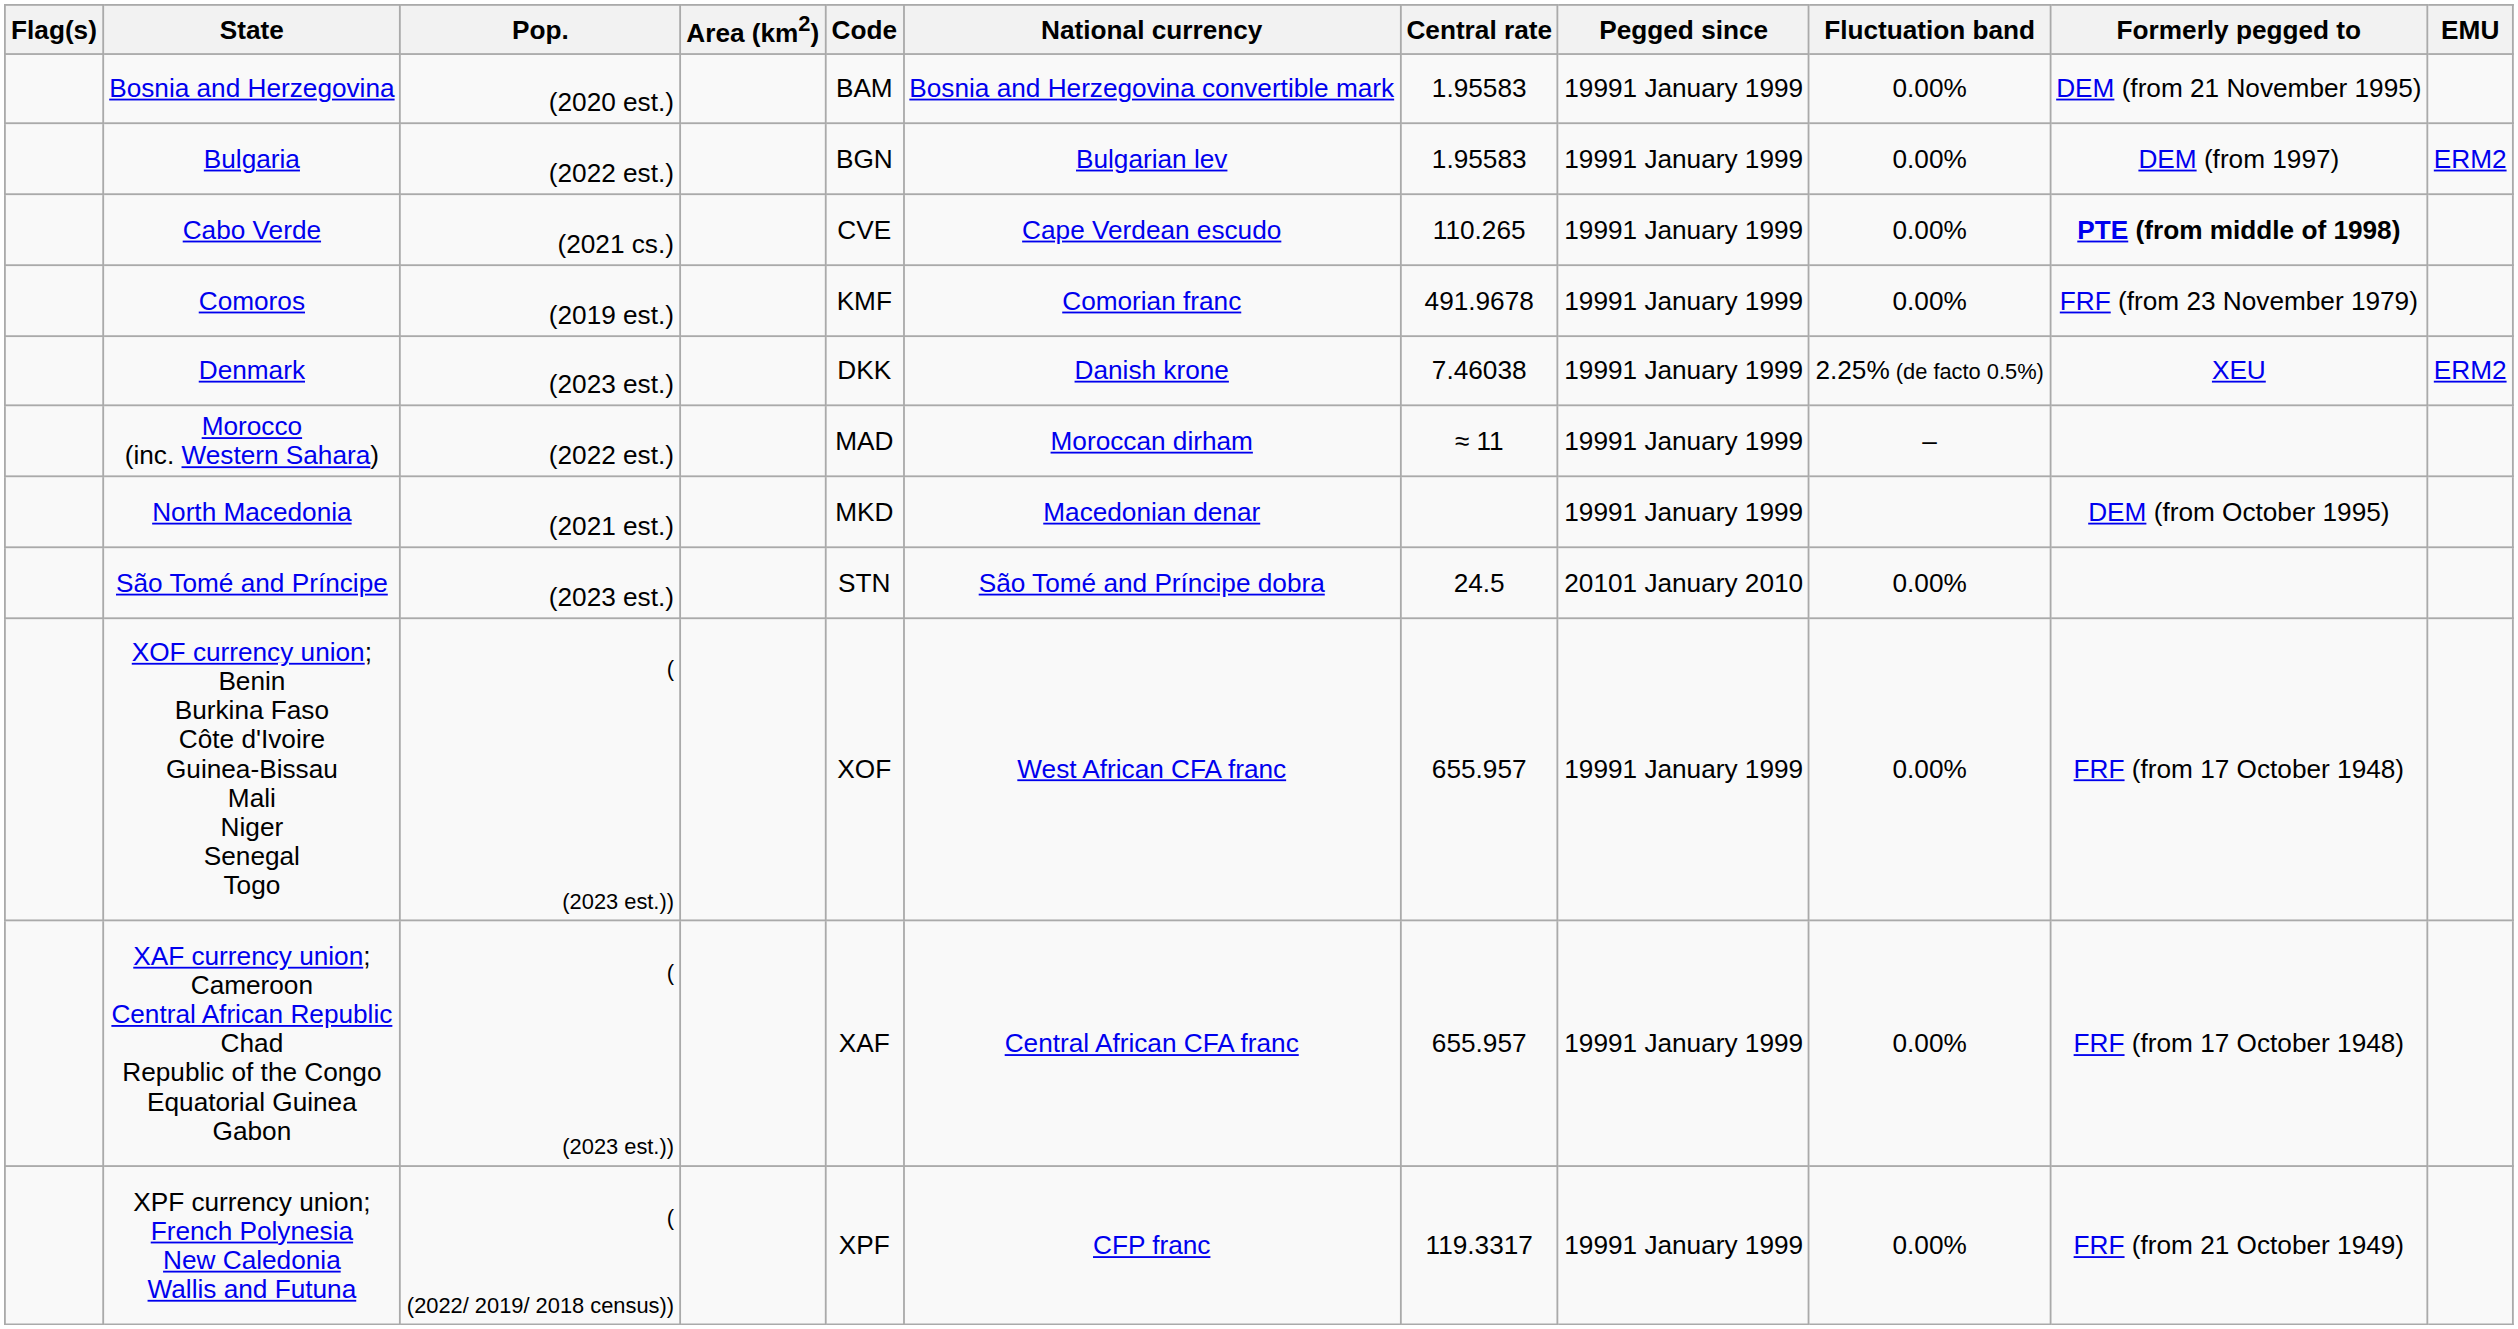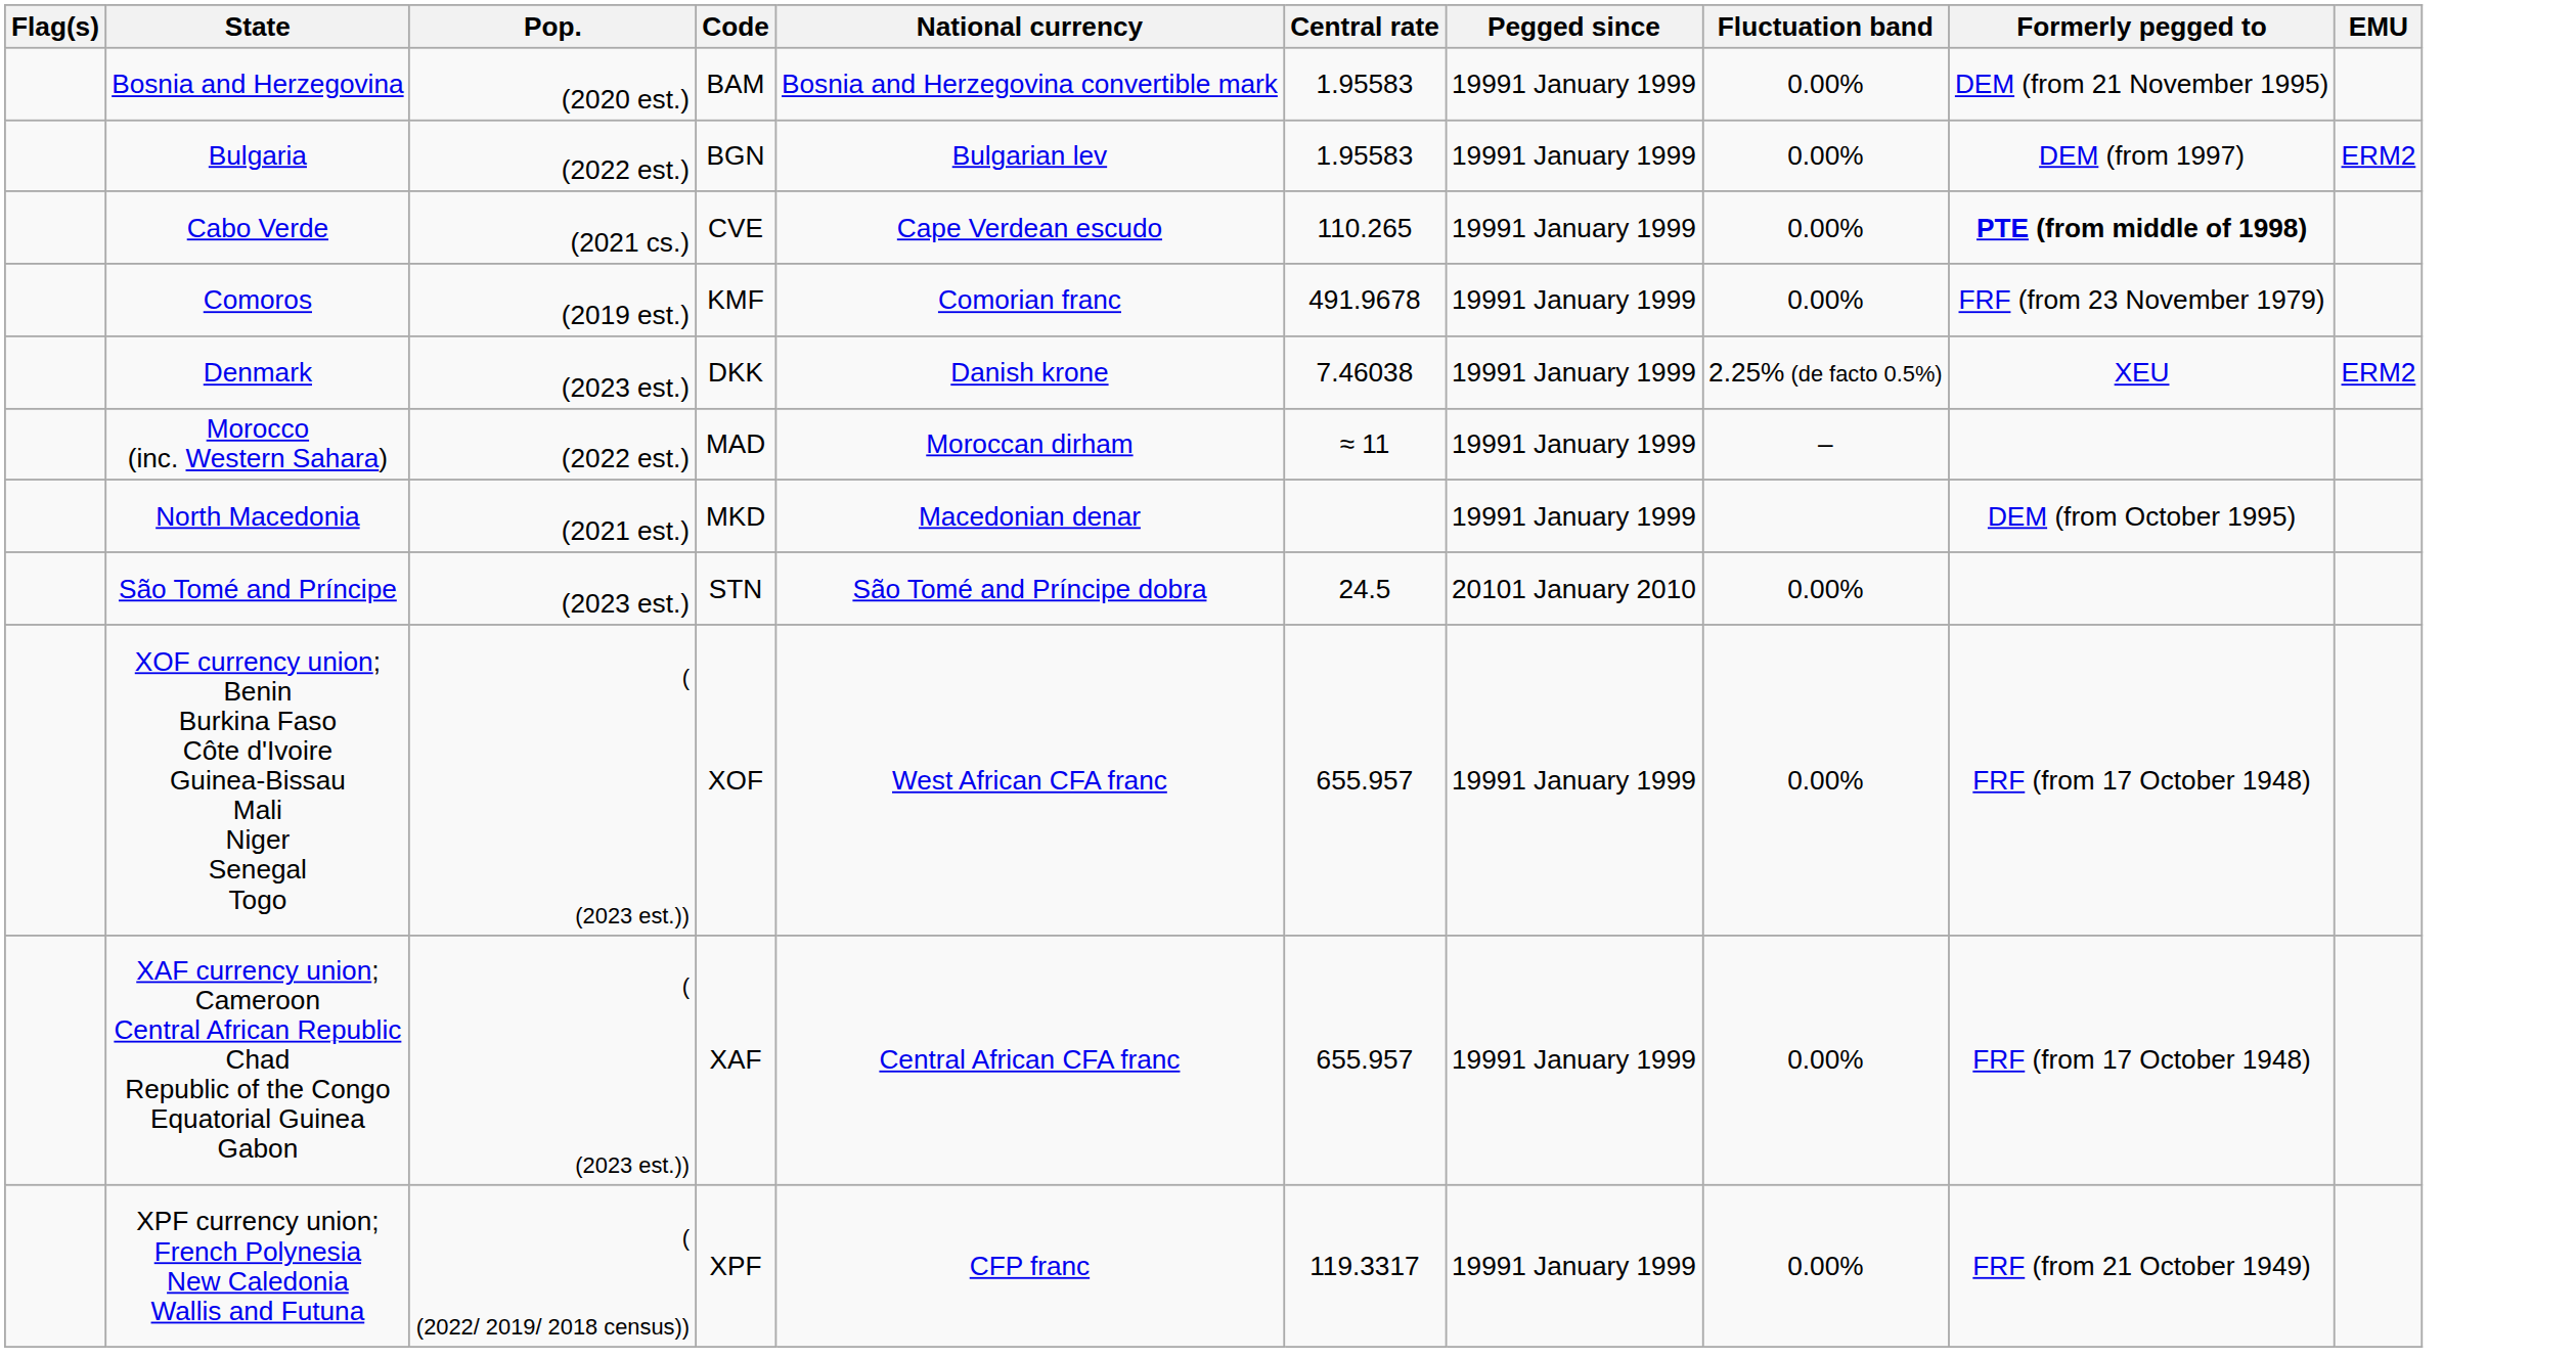 <table class="wikitable sortable" style="text-align:center; font-size:90%">
 <tr>
 <th class=unsortable>Flag(s)</th>
 <th>State</th>
 <th>Pop.</th>
-<th>Area (km<sup>2</sup>)</th>
 <th>Code</th>
 <th>National currency</th>
 <th>Central rate</th>
 <th>Pegged since</th>
 <th>Fluctua­tion band</th>
 <th>Formerly pegged to</th>
 <th>EMU</th>
 </tr>
 <tr>
 <td></td>
 <td><a href='#'>Bosnia and Herzegovina</a></td>
 <td style=text-align:right><br>(2020 est.)</td>
-<td style=text-align:right></td>
 <td>BAM</td>
 <td><a href='#'>Bosnia and Herzegovina convertible mark</a></td>
 <td>1.95583</td>
 <td><span>1999</span>1 January 1999</td>
 <td>0.00%</td>
 <td><a href='#'>DEM</a> (from 21 November 1995)</td>
 <td></td>
 </tr>
 <tr>
 <td></td>
 <td><a href='#'>Bulgaria</a></td>
 <td style=text-align:right><br>(2022 est.)</td>
-<td style=text-align:right></td>
 <td>BGN</td>
 <td><a href='#'>Bulgarian lev</a></td>
 <td>1.95583</td>
 <td><span>1999</span>1 January 1999</td>
 <td>0.00%</td>
 <td><a href='#'>DEM</a> (from 1997)</td>
 <td style="text-align:center"><a href='#'>ERM2</a></td>
 </tr>
 <tr>
 <td></td>
 <td><a href='#'>Cabo Verde</a></td>
 <td style=text-align:right><br>(2021 cs.)</td>
-<td style=text-align:right></td>
 <td>CVE</td>
 <td><a href='#'>Cape Verdean escudo</a></td>
 <td>110.265</td>
 <td><span>1999</span>1 January 1999</td>
 <td>0.00%</td>
 <td><strong><a href='#'>PTE</a> (from middle of 1998)</strong></td>
 <td></td>
 </tr>
 <tr>
 <td></td>
 <td><a href='#'>Comoros</a></td>
 <td style=text-align:right><br>(2019 est.)</td>
-<td style=text-align:right></td>
 <td>KMF</td>
 <td><a href='#'>Comorian franc</a></td>
 <td>491.9678</td>
 <td><span>1999</span>1 January 1999</td>
 <td>0.00%</td>
 <td><a href='#'>FRF</a> (from 23 November 1979)</td>
 <td></td>
 </tr>
 <tr>
 <td></td>
 <td><a href='#'>Denmark</a></td>
 <td style=text-align:right><br>(2023 est.)</td>
-<td style=text-align:right></td>
 <td>DKK</td>
 <td><a href='#'>Danish krone</a></td>
 <td>7.46038</td>
 <td><span>1999</span>1 January 1999</td>
 <td>2.25%<small> (de facto 0.5%)</small></td>
 <td><a href='#'>XEU</a></td>
 <td><a href='#'>ERM2</a></td>
 </tr>
 <tr>
 <td></td>
 <td><a href='#'>Morocco</a><br>(inc. <a href='#'>Western Sahara</a>)</td>
 <td style=text-align:right><br>(2022 est.)</td>
-<td style=text-align:right></td>
 <td>MAD</td>
 <td><a href='#'>Moroccan dirham</a></td>
 <td>≈ 11</td>
 <td><span>1999</span>1 January 1999</td>
 <td>–</td>
 <td></td>
 <td></td>
 </tr>
 <tr>
 <td></td>
 <td><a href='#'>North Macedonia</a></td>
 <td style=text-align:right><br>(2021 est.)</td>
-<td style=text-align:right></td>
 <td>MKD</td>
 <td><a href='#'>Macedonian denar</a></td>
 <td></td>
 <td><span>1999</span>1 January 1999</td>
 <td></td>
 <td><a href='#'>DEM</a> (from October 1995)</td>
 <td></td>
 </tr>
 <tr>
 <td></td>
 <td><a href='#'>São Tomé and Príncipe</a></td>
 <td style=text-align:right><br>(2023 est.)</td>
-<td style=text-align:right></td>
 <td>STN</td>
 <td><a href='#'>São Tomé and Príncipe dobra</a></td>
 <td>24.5</td>
 <td><span>2010</span>1 January 2010</td>
 <td>0.00%</td>
 <td></td>
 <td></td>
 </tr>
 <tr>
 <td><br><br><br><br><br><br><br><br><br></td>
 <td><a href='#'>XOF currency union</a>;<br><span>Benin<br>Burkina Faso<br>Côte d'Ivoire<br>Guinea-Bissau<br>Mali<br>Niger<br>Senegal<br>Togo</span></td>
 <td style=text-align:right><br><small>(<br><br><br><br><br><br><br><br>(2023 est.))</small></td>
-<td style=text-align:right></td>
 <td>XOF</td>
 <td><a href='#'>West African CFA franc</a></td>
 <td>655.957</td>
 <td><span>1999</span>1 January 1999</td>
 <td>0.00%</td>
 <td><a href='#'>FRF</a> (from 17 October 1948)</td>
 <td></td>
 </tr>
 <tr>
 <td><br><br><br><br><br><br></td>
 <td><a href='#'>XAF currency union</a>;<br><span>Cameroon<br><a href='#'>Central African Republic</a><br>Chad<br>Republic of the Congo<br>Equatorial Guinea<br>Gabon</span></td>
 <td style=text-align:right><br><small>(<br><br><br><br><br><br>(2023 est.))</small></td>
-<td style=text-align:right></td>
 <td>XAF</td>
 <td><a href='#'>Central African CFA franc</a></td>
 <td>655.957</td>
 <td><span>1999</span>1 January 1999</td>
 <td>0.00%</td>
 <td><a href='#'>FRF</a> (from 17 October 1948)</td>
 <td></td>
 </tr>
 <tr>
 <td><br><br><br></td>
 <td>XPF currency union;<br><span><a href='#'>French Polynesia</a><br><a href='#'>New Caledonia</a><br><a href='#'>Wallis and Futuna</a></span></td>
 <td style=text-align:right><br><small>(<br><br><br>(2022/ 2019/ 2018 census))</small></td>
-<td style=text-align:right></td>
 <td>XPF</td>
 <td><a href='#'>CFP franc</a></td>
 <td>119.3317</td>
 <td><span>1999</span>1 January 1999</td>
 <td>0.00%</td>
 <td><a href='#'>FRF</a> (from 21 October 1949)</td>
 <td></td>
 </tr>
 </table>
